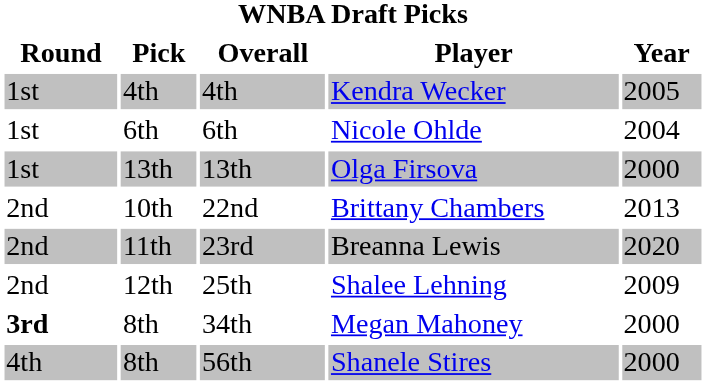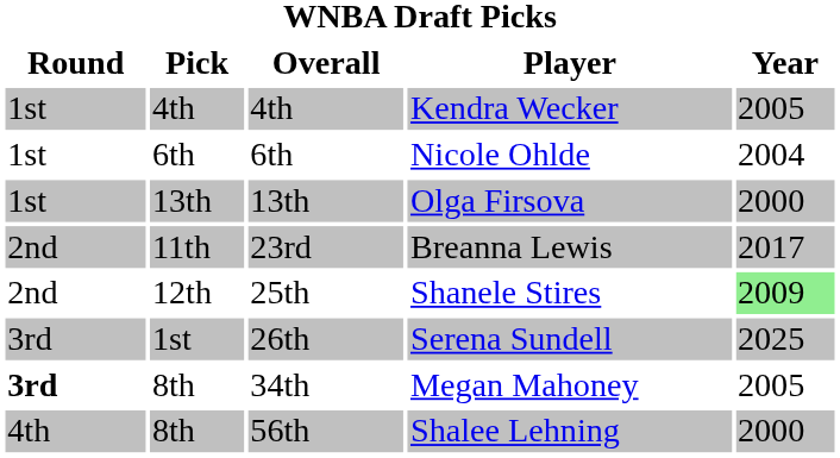 <table class="toccolours" style="float: left" width="400px">
 <tr>
 <th colspan="5" style="text-align: center; "><strong>WNBA Draft Picks</strong></th>
 </tr>
 <tr>
 <th>Round</th>
 <th>Pick</th>
 <th>Overall</th>
 <th>Player</th>
 <th>Year</th>
 </tr>
 <tr bgcolor=silver>
 <td>1st</td>
 <td>4th</td>
 <td>4th</td>
 <td><a href='#'>Kendra Wecker</a></td>
 <td>2005</td>
 </tr>
 <tr>
 <td>1st</td>
 <td>6th</td>
 <td>6th</td>
 <td><a href='#'>Nicole Ohlde</a></td>
 <td>2004</td>
 </tr>
 <tr bgcolor=silver>
 <td>1st</td>
 <td>13th</td>
 <td>13th</td>
 <td><a href='#'>Olga Firsova</a></td>
 <td>2000</td>
 </tr>
-<tr>
-<td>2nd</td>
-<td>10th</td>
-<td>22nd</td>
-<td><a href='#'>Brittany Chambers</a></td>
-<td>2013</td>
-</tr>
 <tr bgcolor=silver>
 <td>2nd</td>
 <td>11th</td>
 <td>23rd</td>
 <td>Breanna Lewis</td>
-<td>2020</td>
+<td>2017</td>
 </tr>
 <tr>
 <td>2nd</td>
 <td>12th</td>
 <td>25th</td>
-<td><a href='#'>Shalee Lehning</a></td>
-<td>2009</td>
+<td><a href='#'>Shanele Stires</a></td>
+<td style="background: lightgreen;">2009</td>
+</tr>
+<tr bgcolor=silver>
+<td>3rd</td>
+<td>1st</td>
+<td>26th</td>
+<td><a href='#'>Serena Sundell</a></td>
+<td>2025</td>
 </tr>
 <tr>
 <td><strong>3rd</strong></td>
 <td>8th</td>
 <td>34th</td>
 <td><a href='#'>Megan Mahoney</a></td>
-<td>2000</td>
+<td>2005</td>
 </tr>
 <tr bgcolor=silver>
 <td>4th</td>
 <td>8th</td>
 <td>56th</td>
-<td><a href='#'>Shanele Stires</a></td>
+<td><a href='#'>Shalee Lehning</a></td>
 <td>2000</td>
 </tr>
 </table>
